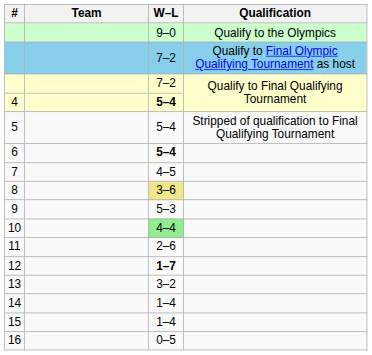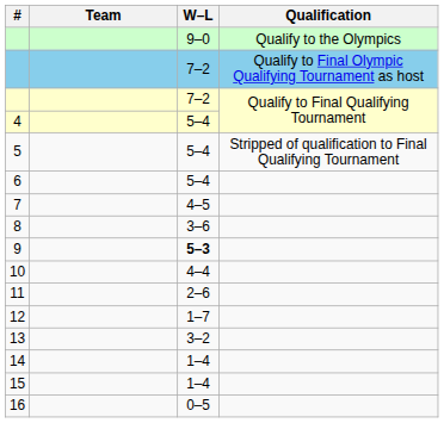 <table class=wikitable style="text-align:center;">
 <tr>
 <th width=20px>#</th>
 <th width=160px>Team</th>
 <th width=40px>W–L</th>
 <th width=240px>Qualification</th>
 </tr>
 <tr bgcolor=#CCFFCC>
 <td></td>
 <td align=left></td>
 <td>9–0</td>
 <td>Qualify to the Olympics</td>
 </tr>
 <tr bgcolor="skyblue">
 <td></td>
 <td align=left></td>
 <td>7–2</td>
 <td>Qualify to <a href='#'>Final Olympic Qualifying Tournament</a> as host</td>
 </tr>
 <tr bgcolor=#FFFFCC>
 <td></td>
 <td align=left></td>
 <td>7–2</td>
 <td rowspan=2>Qualify to Final Qualifying Tournament</td>
 </tr>
 <tr bgcolor=#FFFFCC>
 <td>4</td>
 <td align=left></td>
-<td><strong>5–4</strong></td>
+<td>5–4</td>
 </tr>
 <tr>
 <td>5</td>
 <td align=left></td>
 <td>5–4</td>
 <td>Stripped of qualification to Final Qualifying Tournament</td>
 </tr>
 <tr>
 <td>6</td>
 <td align=left></td>
-<td><strong>5–4</strong></td>
+<td>5–4</td>
 <td></td>
 </tr>
 <tr>
 <td>7</td>
 <td align=left></td>
 <td>4–5</td>
 <td></td>
 </tr>
 <tr>
 <td>8</td>
 <td align=left></td>
-<td style="background: khaki;">3–6</td>
+<td>3–6</td>
 <td></td>
 </tr>
 <tr>
 <td>9</td>
 <td align=left></td>
-<td>5–3</td>
+<td><strong>5–3</strong></td>
 <td></td>
 </tr>
 <tr>
 <td>10</td>
 <td align=left></td>
-<td style="background: lightgreen;">4–4</td>
+<td>4–4</td>
 <td></td>
 </tr>
 <tr>
 <td>11</td>
 <td align=left></td>
 <td>2–6</td>
 <td></td>
 </tr>
 <tr>
 <td>12</td>
 <td align=left></td>
-<td><strong>1–7</strong></td>
+<td>1–7</td>
 <td></td>
 </tr>
 <tr>
 <td>13</td>
 <td align=left></td>
 <td>3–2</td>
 <td></td>
 </tr>
 <tr>
 <td>14</td>
 <td align=left></td>
 <td>1–4</td>
 <td></td>
 </tr>
 <tr>
 <td>15</td>
 <td align=left></td>
 <td>1–4</td>
 <td></td>
 </tr>
 <tr>
 <td>16</td>
 <td align=left></td>
 <td>0–5</td>
 <td></td>
 </tr>
 </table>
